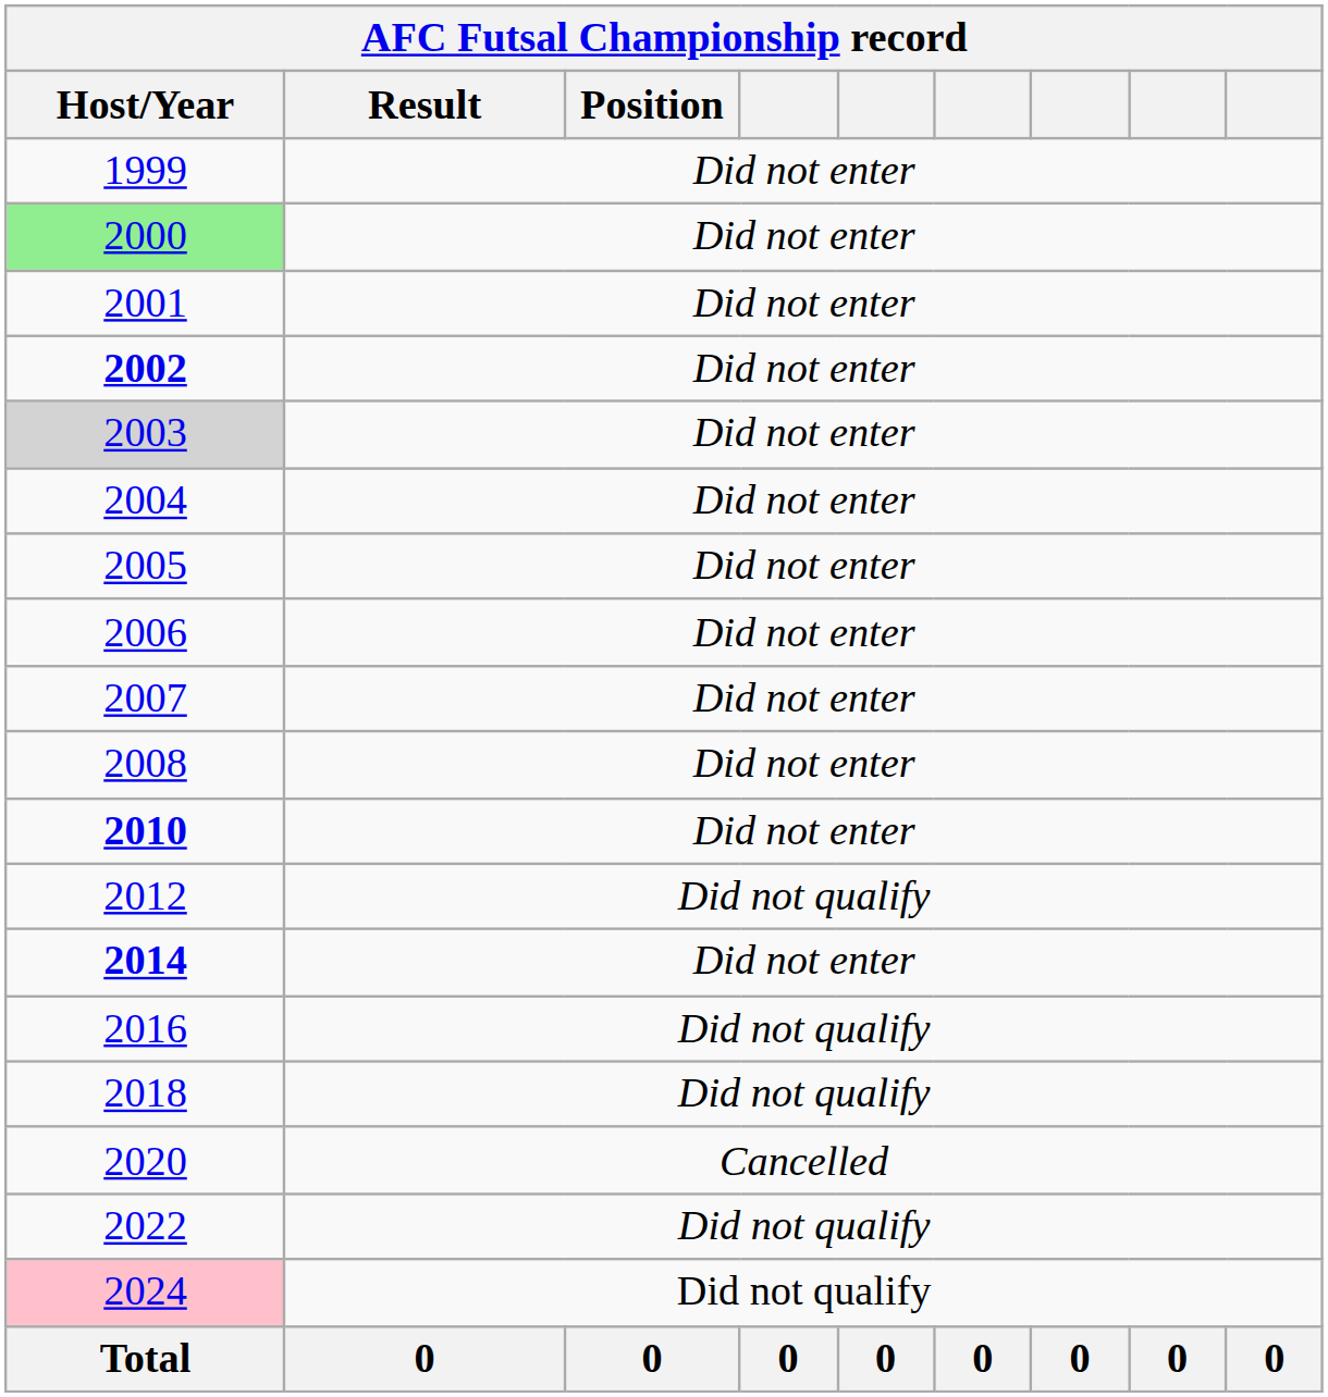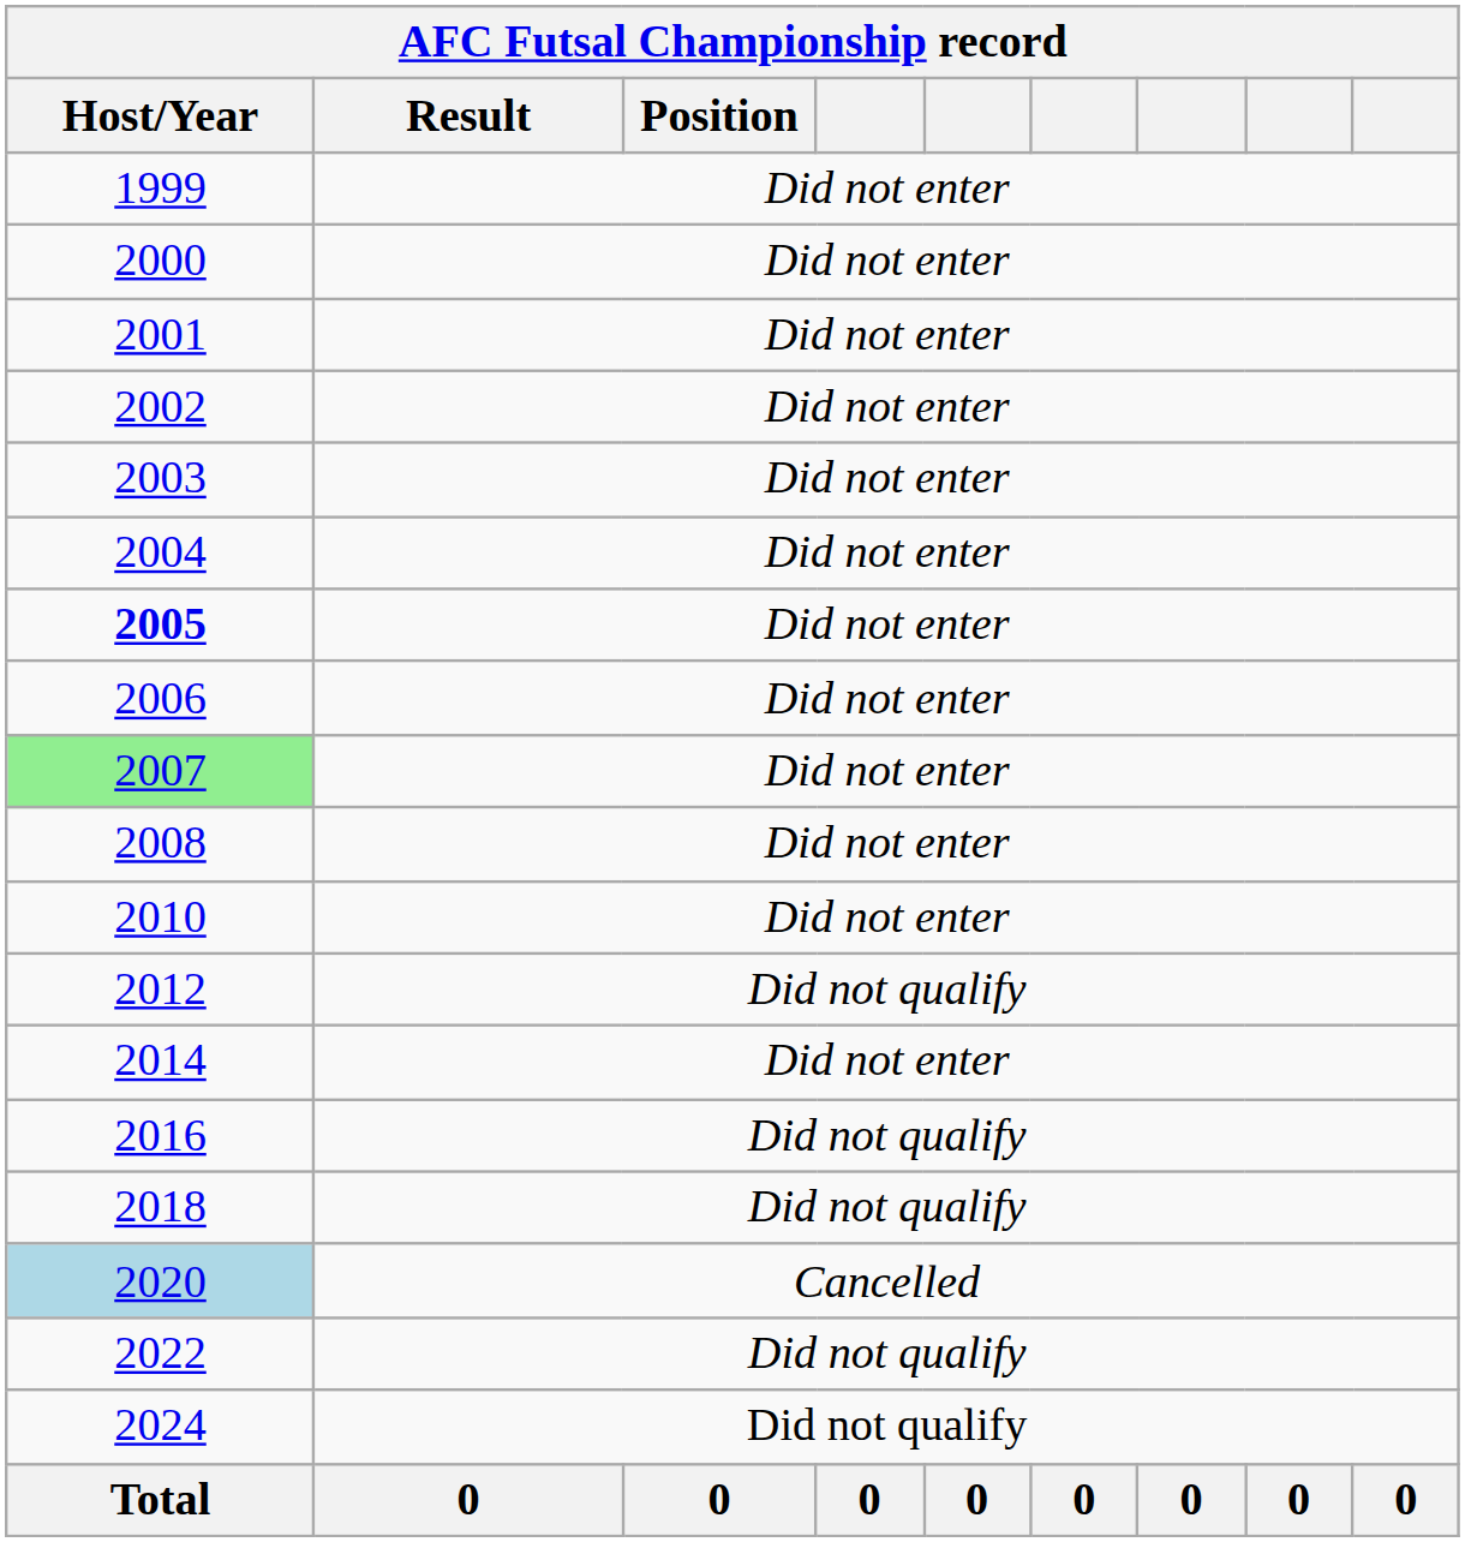 <table class="wikitable" style="text-align: center;">
 <tr>
 <th colspan=9 style="background:color: #0000FF;"><a href='#'>AFC Futsal Championship</a> record</th>
 </tr>
 <tr>
 <th style="width:100px;">Host/Year</th>
 <th style="width:100px;">Result</th>
 <th style="width:60px;">Position</th>
 <th style="width:30px;"></th>
 <th style="width:30px;"></th>
 <th style="width:30px;"></th>
 <th style="width:30px;"></th>
 <th style="width:30px;"></th>
 <th style="width:30px;"></th>
 </tr>
 <tr>
 <td> <a href='#'>1999</a></td>
 <td colspan=8><em>Did not enter</em></td>
 </tr>
 <tr>
-<td style="background: lightgreen;"> <a href='#'>2000</a></td>
+<td> <a href='#'>2000</a></td>
 <td colspan=8><em>Did not enter</em></td>
 </tr>
 <tr>
 <td> <a href='#'>2001</a></td>
 <td colspan=8><em>Did not enter</em></td>
 </tr>
 <tr>
-<td><strong> <a href='#'>2002</a></strong></td>
+<td> <a href='#'>2002</a></td>
 <td colspan=8><em>Did not enter</em></td>
 </tr>
 <tr>
-<td style="background: lightgrey;"> <a href='#'>2003</a></td>
+<td> <a href='#'>2003</a></td>
 <td colspan=8><em>Did not enter</em></td>
 </tr>
 <tr>
 <td> <a href='#'>2004</a></td>
 <td colspan=8><em>Did not enter</em></td>
 </tr>
 <tr>
-<td> <a href='#'>2005</a></td>
+<td><strong> <a href='#'>2005</a></strong></td>
 <td colspan=8><em>Did not enter</em></td>
 </tr>
 <tr>
 <td> <a href='#'>2006</a></td>
 <td colspan=8><em>Did not enter</em></td>
 </tr>
 <tr>
-<td> <a href='#'>2007</a></td>
+<td style="background: lightgreen;"> <a href='#'>2007</a></td>
 <td colspan=8><em>Did not enter</em></td>
 </tr>
 <tr>
 <td> <a href='#'>2008</a></td>
 <td colspan=8><em>Did not enter</em></td>
 </tr>
 <tr>
-<td><strong> <a href='#'>2010</a></strong></td>
+<td> <a href='#'>2010</a></td>
 <td colspan=8><em>Did not enter</em></td>
 </tr>
 <tr>
 <td> <a href='#'>2012</a></td>
 <td colspan=8><em>Did not qualify</em></td>
 </tr>
 <tr>
-<td><strong> <a href='#'>2014</a></strong></td>
+<td> <a href='#'>2014</a></td>
 <td colspan=8><em>Did not enter</em></td>
 </tr>
 <tr>
 <td> <a href='#'>2016</a></td>
 <td colspan=8><em>Did not qualify</em></td>
 </tr>
 <tr>
 <td> <a href='#'>2018</a></td>
 <td colspan=8><em>Did not qualify</em></td>
 </tr>
 <tr>
-<td> <a href='#'>2020</a></td>
+<td style="background: lightblue;"> <a href='#'>2020</a></td>
 <td colspan=8><em>Cancelled</em></td>
 </tr>
 <tr>
 <td> <a href='#'>2022</a></td>
 <td colspan=8><em>Did not qualify</em></td>
 </tr>
 <tr>
-<td style="background: pink;"> <a href='#'>2024</a></td>
+<td> <a href='#'>2024</a></td>
 <td colspan=8>Did not qualify</td>
 </tr>
 <tr>
 <th><strong>Total</strong></th>
 <th><strong>0</strong></th>
 <th><strong>0</strong></th>
 <th><strong>0</strong></th>
 <th><strong>0</strong></th>
 <th><strong>0</strong></th>
 <th><strong>0</strong></th>
 <th><strong>0</strong></th>
 <th><strong>0</strong></th>
 </tr>
 </table>
